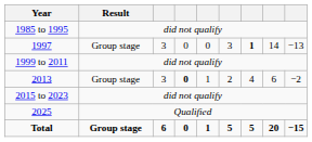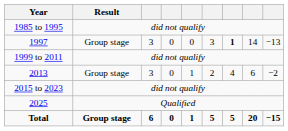 <table class="wikitable" style="text-align: center; font-size: 90%;">
 <tr>
 <th width=100>Year</th>
 <th width=100>Result</th>
 <th width=25></th>
 <th width=25></th>
 <th width=25></th>
 <th width=25></th>
 <th width=25></th>
 <th width=25></th>
 <th width=25></th>
 </tr>
 <tr>
 <td> <a href='#'>1985</a> to  <a href='#'>1995</a></td>
 <td colspan=9><em>did not qualify</em></td>
 </tr>
 <tr>
 <td> <a href='#'>1997</a></td>
 <td>Group stage</td>
 <td>3</td>
 <td>0</td>
 <td>0</td>
 <td>3</td>
 <td><strong>1</strong></td>
 <td>14</td>
 <td>−13</td>
 </tr>
 <tr>
 <td> <a href='#'>1999</a> to  <a href='#'>2011</a></td>
 <td colspan=9><em>did not qualify</em></td>
 </tr>
 <tr>
 <td> <a href='#'>2013</a></td>
 <td>Group stage</td>
 <td>3</td>
-<td><strong>0</strong></td>
+<td>0</td>
 <td>1</td>
 <td>2</td>
 <td>4</td>
 <td>6</td>
 <td>−2</td>
 </tr>
 <tr>
 <td> <a href='#'>2015</a> to  <a href='#'>2023</a></td>
 <td colspan=9><em>did not qualify</em></td>
 </tr>
 <tr>
 <td> <a href='#'>2025</a></td>
 <td colspan=9><em>Qualified</em></td>
 </tr>
 <tr>
 <td><strong>Total</strong></td>
 <td><strong>Group stage</strong></td>
 <td><strong>6</strong></td>
 <td><strong>0</strong></td>
 <td><strong>1</strong></td>
 <td><strong>5</strong></td>
 <td><strong>5</strong></td>
 <td><strong>20</strong></td>
 <td><strong>−15</strong></td>
 </tr>
 </table>
